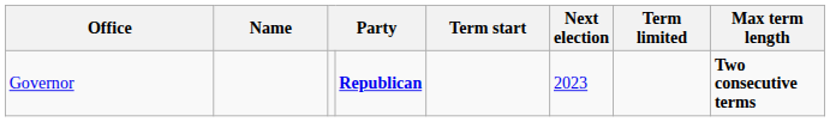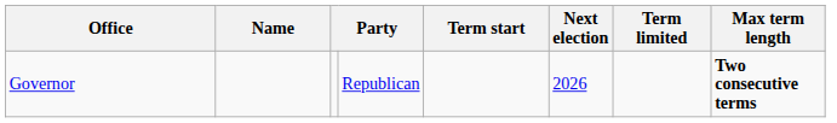 <table class="sortable wikitable">
 <tr>
 <th scope="col" width=190>Office</th>
 <th scope="col" width=100>Name</th>
 <th scope="col" width=75 colspan=2>Party</th>
 <th scope="col" width=110>Term start</th>
 <th scope="col" width=50>Next election</th>
 <th scope="col" width=85>Term limited</th>
 <th scope="col" width=100>Max term length</th>
 </tr>
 <tr>
 <td><a href='#'>Governor</a></td>
 <td></td>
 <td style="background-color:"></td>
-<td><strong><a href='#'>Republican</a></strong></td>
+<td><a href='#'>Republican</a></td>
 <td></td>
-<td><a href='#'>2023</a></td>
+<td><a href='#'>2026</a></td>
 <td></td>
 <td><strong>Two consecutive terms</strong></td>
 </tr>
 </table>
